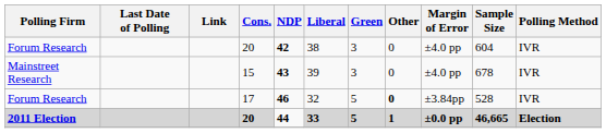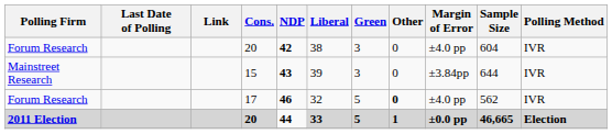 <table class="wikitable sortable">
 <tr style="background:#e9e9e9;">
 <th style="width:120px">Polling Firm</th>
 <th style="width:110px">Last Date<br>of Polling</th>
 <th style="width:60px" class="unsortable">Link</th>
 <th style="background-color:"><strong><a href='#'>Cons.</a></strong></th>
 <th style="background-color:"><strong><a href='#'>NDP</a></strong></th>
 <th style="background-color:"><strong><a href='#'>Liberal</a></strong></th>
 <th style="background-color:"><strong><a href='#'>Green</a></strong></th>
 <th style="background-color:"><strong>Other</strong></th>
 <th style="width:60px;" class=unsortable>Margin<br>of Error</th>
 <th style="width:50px;" class=unsortable>Sample<br>Size</th>
 <th class=unsortable>Polling Method</th>
 </tr>
 <tr>
 <td><a href='#'>Forum Research</a></td>
 <td></td>
 <td></td>
 <td>20</td>
 <td><strong>42</strong></td>
 <td>38</td>
 <td>3</td>
 <td>0</td>
 <td>±4.0 pp</td>
 <td>604</td>
 <td>IVR</td>
 </tr>
 <tr>
 <td><a href='#'>Mainstreet Research</a></td>
 <td></td>
 <td></td>
 <td>15</td>
 <td><strong>43</strong></td>
 <td>39</td>
 <td>3</td>
 <td>0</td>
-<td>±4.0 pp</td>
-<td>678</td>
+<td>±3.84pp</td>
+<td>644</td>
 <td>IVR</td>
 </tr>
 <tr>
 <td><a href='#'>Forum Research</a></td>
 <td></td>
 <td></td>
 <td>17</td>
 <td><strong>46</strong></td>
 <td>32</td>
 <td>5</td>
 <td><strong>0</strong></td>
-<td>±3.84pp</td>
-<td>528</td>
+<td>±4.0 pp</td>
+<td>562</td>
 <td>IVR</td>
 </tr>
 <tr>
 <td style="background:#D5D5D5"><strong><a href='#'>2011 Election</a></strong></td>
 <td style="background:#D5D5D5"><strong></strong></td>
 <td style="background:#D5D5D5"></td>
 <td style="background:#D5D5D5"><strong>20</strong></td>
 <td><strong>44</strong></td>
 <td style="background:#D5D5D5"><strong>33</strong></td>
 <td style="background:#D5D5D5"><strong>5</strong></td>
 <td style="background:#D5D5D5"><strong>1</strong></td>
 <td style="background:#D5D5D5"><strong>±0.0 pp</strong></td>
 <td style="background:#D5D5D5"><strong>46,665</strong></td>
 <td style="background:#D5D5D5"><strong>Election</strong></td>
 </tr>
 <tr>
 </tr>
 <tr>
 </tr>
 </table>
